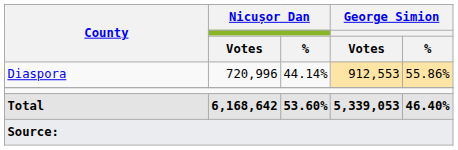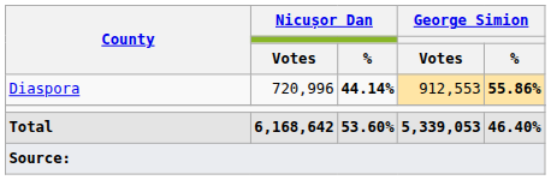 <table class="wikitable nowrap sortable mw-datatable" style="text-align:right; font-size:95%; line-height:20px">
 <tr>
 <th width="200" rowspan="3"><a href='#'>County</a></th>
 <th width="110" colspan="2"><a href='#'>Nicușor Dan</a></th>
 <th width="110" colspan="2"><a href='#'>George Simion</a></th>
 </tr>
 <tr>
 <th colspan="2" style="background:#88B626;"></th>
 <th colspan="2" style="background:"></th>
 </tr>
 <tr>
 <th>Votes</th>
 <th>%</th>
 <th>Votes</th>
 <th>%</th>
 </tr>
 <tr>
 <td align="left"><a href='#'>Diaspora</a></td>
 <td>720,996</td>
-<td>44.14%</td>
+<td><strong>44.14%</strong></td>
 <td style="background:#ffe5a5">912,553</td>
-<td style="background:#ffe5a5">55.86%</td>
+<td style="background:#ffe5a5"><strong>55.86%</strong></td>
 </tr>
 <tr>
 </tr>
 <tr class="sortbottom">
 <td colspan="5"></td>
 </tr>
 <tr class="sortbottom" style="font-weight:bold; background:#E4E4E4;">
 <td align="left">Total</td>
 <td>6,168,642</td>
 <td>53.60%</td>
 <td>5,339,053</td>
 <td>46.40%</td>
 </tr>
 <tr class="sortbottom">
 <td colspan="5" style="text-align:left; background-color:#eaecf0"><strong>Source:</strong> </td>
 </tr>
 </table>
